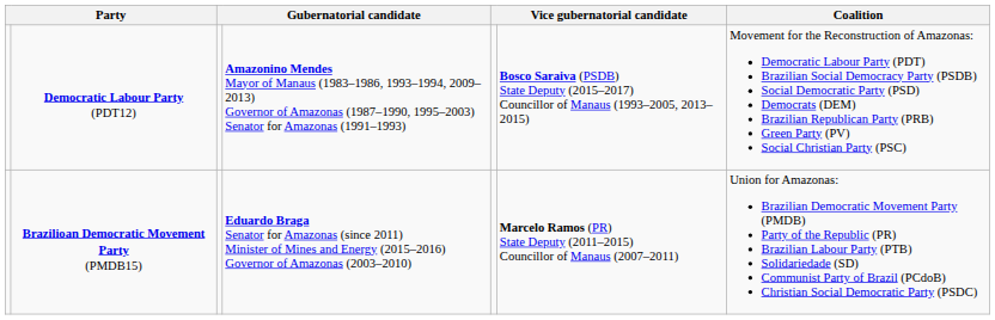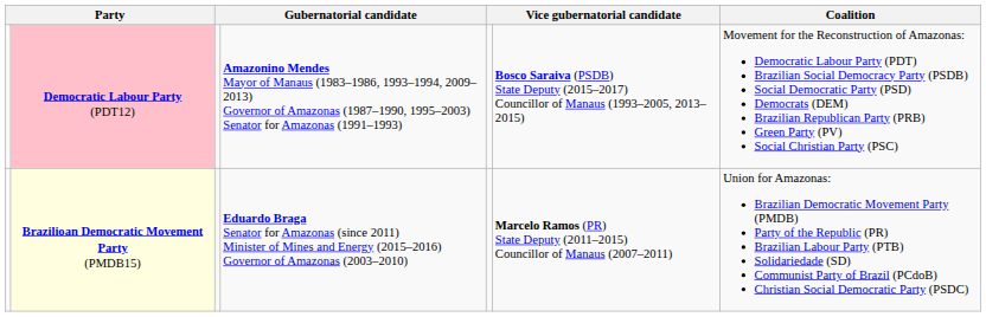 <table class="vertical-align-top wikitable">
 <tr>
 <th scope=colgroup colspan=2>Party</th>
 <th scope=colgroup colspan=2>Gubernatorial candidate</th>
 <th scope=colgroup colspan=2>Vice gubernatorial candidate</th>
 <th scope=col>Coalition</th>
 </tr>
 <tr>
 <td style=background:></td>
-<td style="text-align:center; line-height:1.3"><br><strong><a href='#'>Democratic Labour Party</a></strong><br>(PDT12)</td>
+<td style="background: pink; text-align:center; line-height:1.3"><br><strong><a href='#'>Democratic Labour Party</a></strong><br>(PDT12)</td>
 <td></td>
 <td><strong><a href='#'>Amazonino Mendes</a></strong><br><a href='#'>Mayor of Manaus</a> (1983–1986, 1993–1994, 2009–2013)<br><a href='#'>Governor of Amazonas</a> (1987–1990, 1995–2003)<br><a href='#'>Senator</a> for <a href='#'>Amazonas</a> (1991–1993)</td>
 <td></td>
 <td><strong><a href='#'>Bosco Saraiva</a></strong> (<a href='#'>PSDB</a>)<br><a href='#'>State Deputy</a> (2015–2017)<br>Councillor of <a href='#'>Manaus</a> (1993–2005, 2013–2015)</td>
 <td>Movement for the Reconstruction of Amazonas:<br><ul><li><a href='#'>Democratic Labour Party</a> (PDT)</li><li><a href='#'>Brazilian Social Democracy Party</a> (PSDB)</li><li><a href='#'>Social Democratic Party</a> (PSD)</li><li><a href='#'>Democrats</a> (DEM)</li><li><a href='#'>Brazilian Republican Party</a> (PRB)</li><li><a href='#'>Green Party</a> (PV)</li><li><a href='#'>Social Christian Party</a> (PSC)</li></ul></td>
 </tr>
 <tr>
 <td style=background:></td>
-<td style="text-align:center; line-height:1.3"><br><strong><a href='#'>Brazilioan Democratic Movement Party</a></strong><br>(PMDB15)</td>
+<td style="background: lightyellow; text-align:center; line-height:1.3"><br><strong><a href='#'>Brazilioan Democratic Movement Party</a></strong><br>(PMDB15)</td>
 <td></td>
 <td><strong><a href='#'>Eduardo Braga</a></strong><br><a href='#'>Senator</a> for <a href='#'>Amazonas</a> (since 2011)<br><a href='#'>Minister of Mines and Energy</a> (2015–2016)<br><a href='#'>Governor of Amazonas</a> (2003–2010)</td>
 <td></td>
 <td><strong>Marcelo Ramos</strong> (<a href='#'>PR</a>)<br><a href='#'>State Deputy</a> (2011–2015)<br>Councillor of <a href='#'>Manaus</a> (2007–2011)</td>
 <td>Union for Amazonas:<br><ul><li><a href='#'>Brazilian Democratic Movement Party</a> (PMDB)</li><li><a href='#'>Party of the Republic</a> (PR)</li><li><a href='#'>Brazilian Labour Party</a> (PTB)</li><li><a href='#'>Solidariedade</a> (SD)</li><li><a href='#'>Communist Party of Brazil</a> (PCdoB)</li><li><a href='#'>Christian Social Democratic Party</a> (PSDC)</li></ul></td>
 </tr>
 </table>
